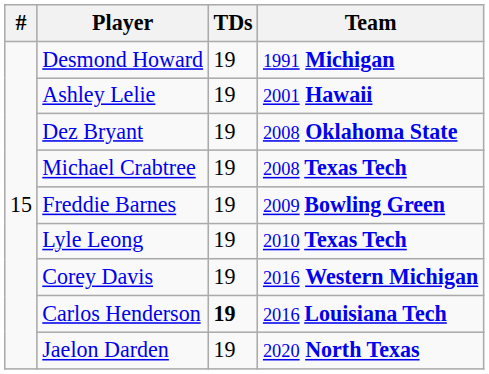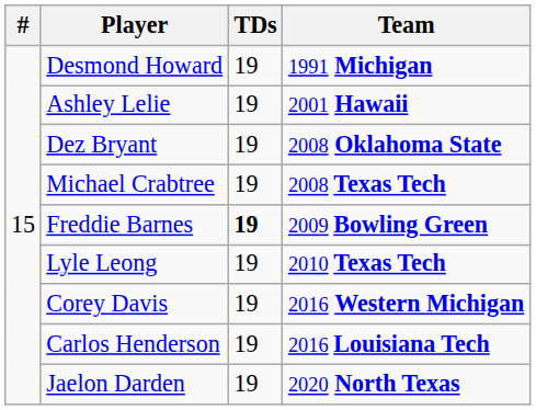 <table class="wikitable" style="font-size:90%; white-space: nowrap;">
 <tr>
 <th>#</th>
 <th>Player</th>
 <th>TDs</th>
 <th>Team</th>
 </tr>
 <tr>
 <td rowspan=9>15</td>
 <td><a href='#'>Desmond Howard</a></td>
 <td>19</td>
 <td><small> <a href='#'>1991</a></small> <strong><a href='#'>Michigan</a></strong></td>
 </tr>
 <tr>
 <td><a href='#'>Ashley Lelie</a></td>
 <td>19</td>
 <td><small> <a href='#'>2001</a></small> <strong><a href='#'>Hawaii</a></strong></td>
 </tr>
 <tr>
 <td><a href='#'>Dez Bryant</a></td>
 <td>19</td>
 <td><small> <a href='#'>2008</a></small> <strong><a href='#'>Oklahoma State</a></strong></td>
 </tr>
 <tr>
 <td><a href='#'>Michael Crabtree</a></td>
 <td>19</td>
 <td><small> <a href='#'>2008</a> </small> <strong><a href='#'>Texas Tech</a></strong></td>
 </tr>
 <tr>
 <td><a href='#'>Freddie Barnes</a></td>
-<td>19</td>
+<td><strong>19</strong></td>
 <td><small> <a href='#'>2009</a> </small> <strong><a href='#'>Bowling Green</a></strong></td>
 </tr>
 <tr>
 <td><a href='#'>Lyle Leong</a></td>
 <td>19</td>
 <td><small> <a href='#'>2010</a> </small> <strong><a href='#'>Texas Tech</a></strong></td>
 </tr>
 <tr>
 <td><a href='#'>Corey Davis</a></td>
 <td>19</td>
 <td><small> <a href='#'>2016</a></small> <strong><a href='#'>Western Michigan</a></strong></td>
 </tr>
 <tr>
 <td><a href='#'>Carlos Henderson</a></td>
-<td><strong>19</strong></td>
+<td>19</td>
 <td><small><a href='#'>2016</a> </small> <strong><a href='#'>Louisiana Tech</a></strong></td>
 </tr>
 <tr>
 <td><a href='#'>Jaelon Darden</a></td>
 <td>19</td>
 <td><small> <a href='#'>2020</a></small> <strong><a href='#'>North Texas</a></strong></td>
 </tr>
 </table>
